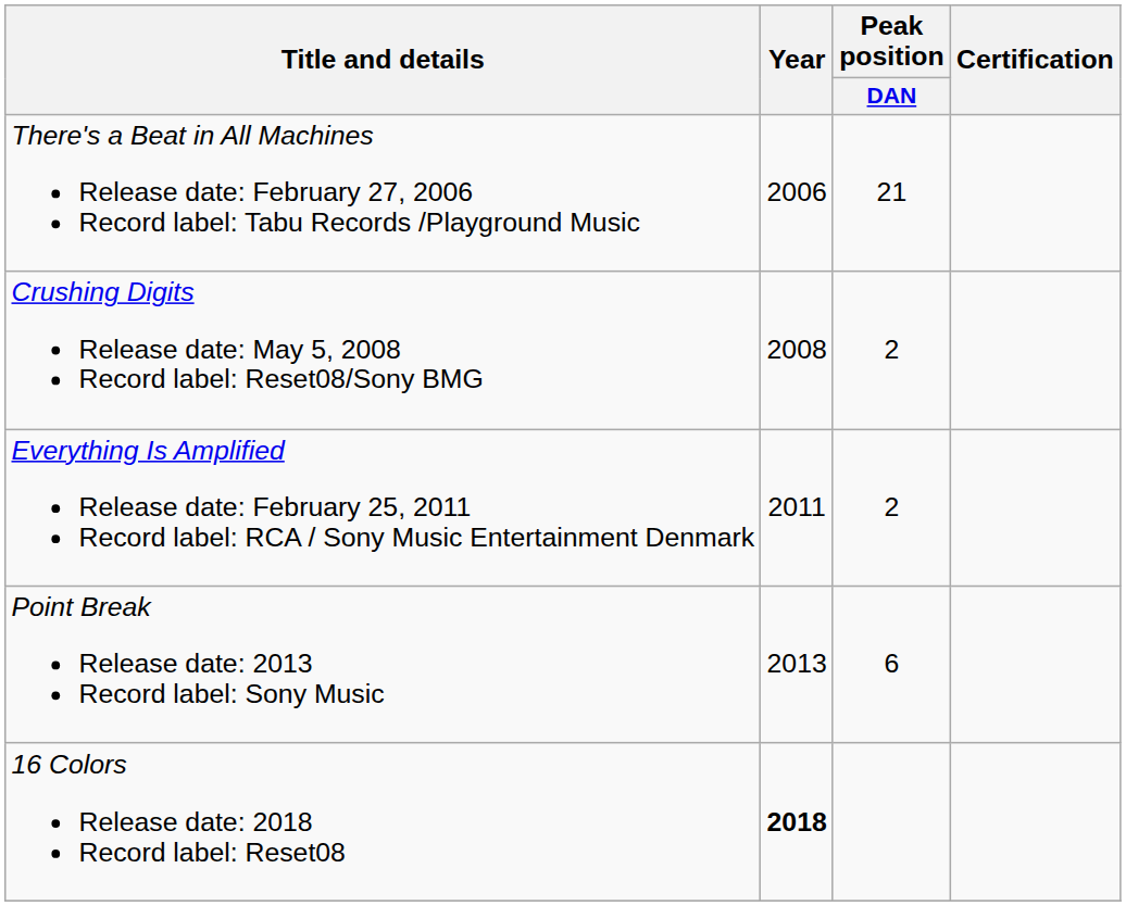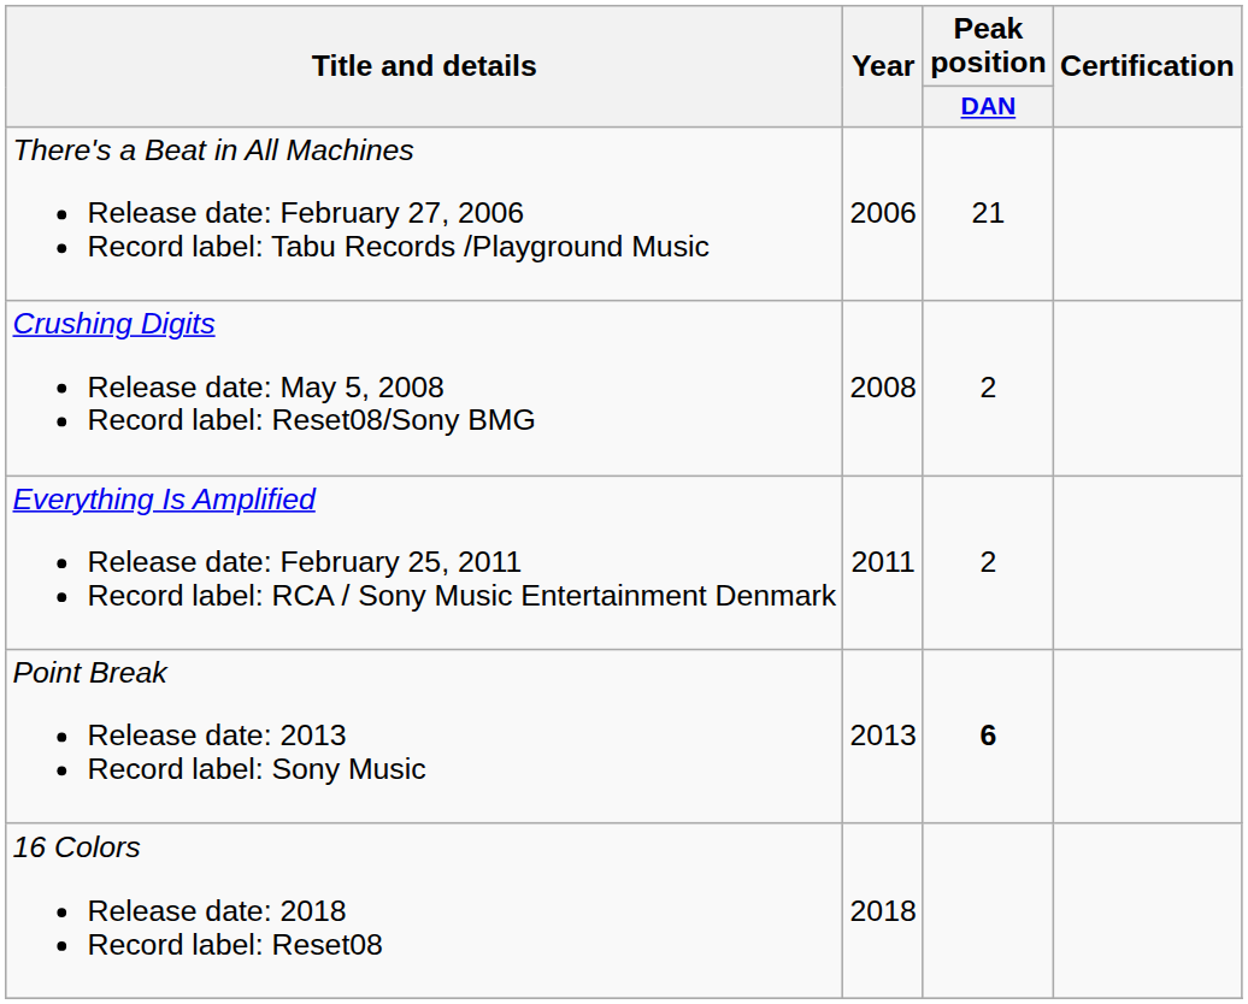 <table class="wikitable">
 <tr>
 <th rowspan="2">Title and details</th>
 <th rowspan="2">Year</th>
 <th colspan="1">Peak <br>position</th>
 <th rowspan="2">Certification</th>
 </tr>
 <tr>
 <th scope="col" style="width:3em;font-size:85%;"><a href='#'>DAN</a><br></th>
 </tr>
 <tr>
 <td><em>There's a Beat in All Machines</em><br><ul><li>Release date: February 27, 2006</li><li>Record label: Tabu Records /Playground Music</li></ul></td>
 <td align="center">2006</td>
 <td align="center">21</td>
 <td></td>
 </tr>
 <tr>
 <td><em><a href='#'>Crushing Digits</a></em><br><ul><li>Release date: May 5, 2008</li><li>Record label: Reset08/Sony BMG</li></ul></td>
 <td align="center">2008</td>
 <td align="center">2</td>
 <td></td>
 </tr>
 <tr>
 <td><em><a href='#'>Everything Is Amplified</a></em><br><ul><li>Release date: February 25, 2011</li><li>Record label: RCA / Sony Music Entertainment Denmark</li></ul></td>
 <td align="center">2011</td>
 <td align="center">2</td>
 <td></td>
 </tr>
 <tr>
 <td><em>Point Break</em><br><ul><li>Release date: 2013</li><li>Record label: Sony Music</li></ul></td>
 <td align="center">2013</td>
-<td align="center">6</td>
+<td align="center"><strong>6</strong></td>
 <td></td>
 </tr>
 <tr>
 <td><em>16 Colors</em><br><ul><li>Release date: 2018</li><li>Record label: Reset08</li></ul></td>
-<td align="center"><strong>2018</strong></td>
+<td align="center">2018</td>
 <td align="center"></td>
 <td></td>
 </tr>
 <tr>
 </tr>
 </table>
